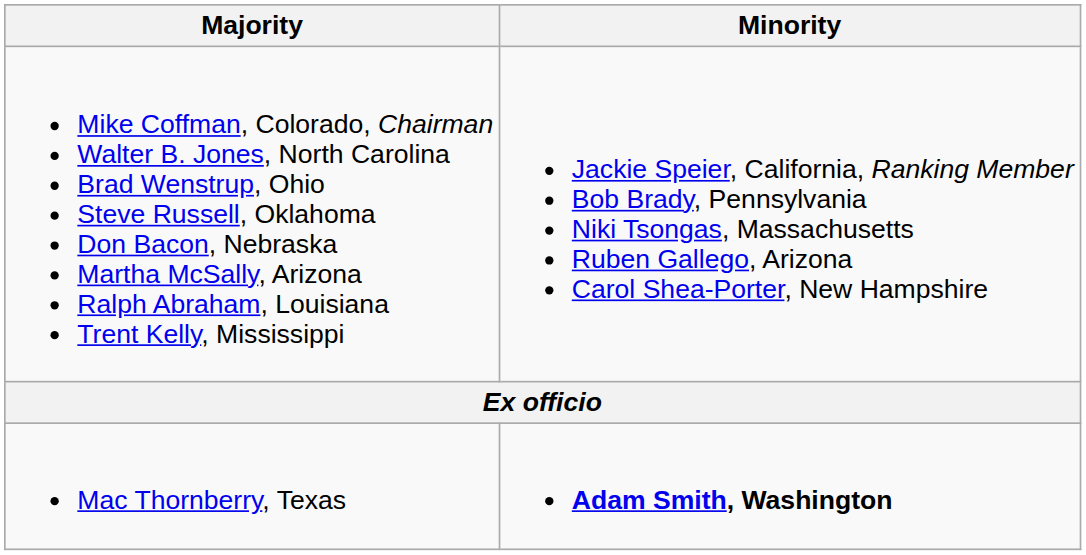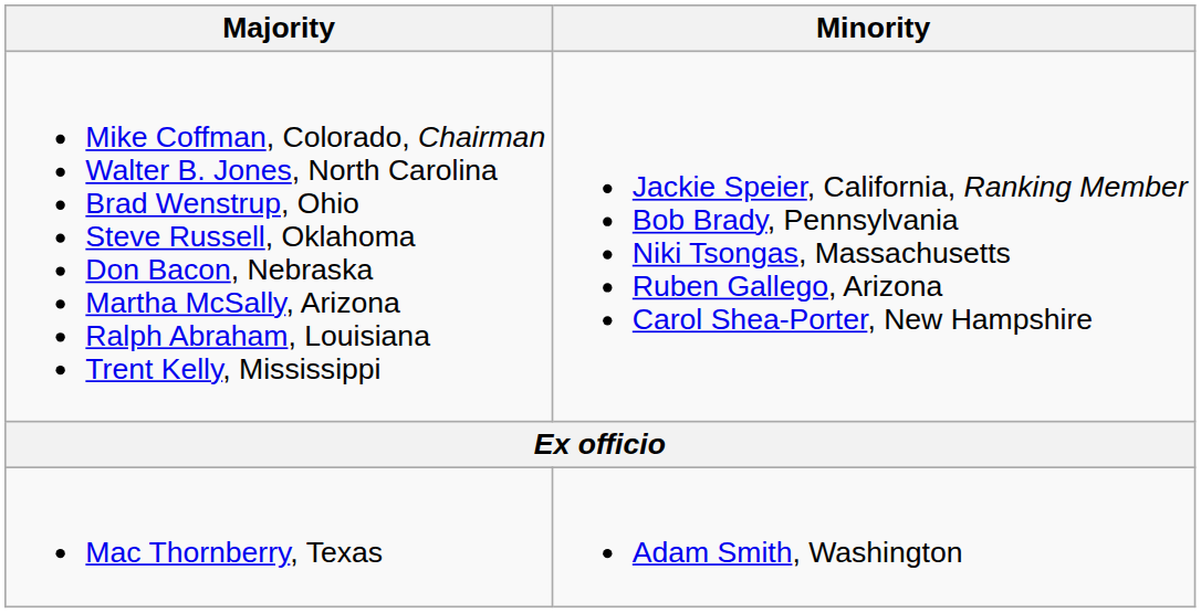 <table class=wikitable>
 <tr>
 <th>Majority</th>
 <th>Minority</th>
 </tr>
 <tr>
 <td><br><ul><li><a href='#'>Mike Coffman</a>, Colorado, <em>Chairman</em></li><li><a href='#'>Walter B. Jones</a>, North Carolina</li><li><a href='#'>Brad Wenstrup</a>, Ohio</li><li><a href='#'>Steve Russell</a>, Oklahoma</li><li><a href='#'>Don Bacon</a>, Nebraska</li><li><a href='#'>Martha McSally</a>, Arizona</li><li><a href='#'>Ralph Abraham</a>, Louisiana</li><li><a href='#'>Trent Kelly</a>, Mississippi</li></ul></td>
 <td><br><ul><li><a href='#'>Jackie Speier</a>, California, <em>Ranking Member</em></li><li><a href='#'>Bob Brady</a>, Pennsylvania</li><li><a href='#'>Niki Tsongas</a>, Massachusetts</li><li><a href='#'>Ruben Gallego</a>, Arizona</li><li><a href='#'>Carol Shea-Porter</a>, New Hampshire</li></ul></td>
 </tr>
 <tr>
 <th colspan=2><em>Ex officio</em></th>
 </tr>
 <tr>
 <td><br><ul><li><a href='#'>Mac Thornberry</a>, Texas</li></ul></td>
-<td><strong><br><ul><li><a href='#'>Adam Smith</a>, Washington</li></ul></strong></td>
+<td><br><ul><li><a href='#'>Adam Smith</a>, Washington</li></ul></td>
 </tr>
 </table>
